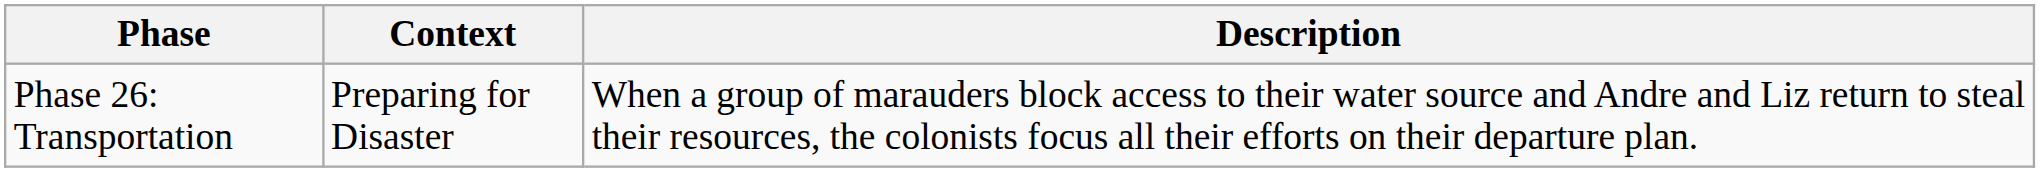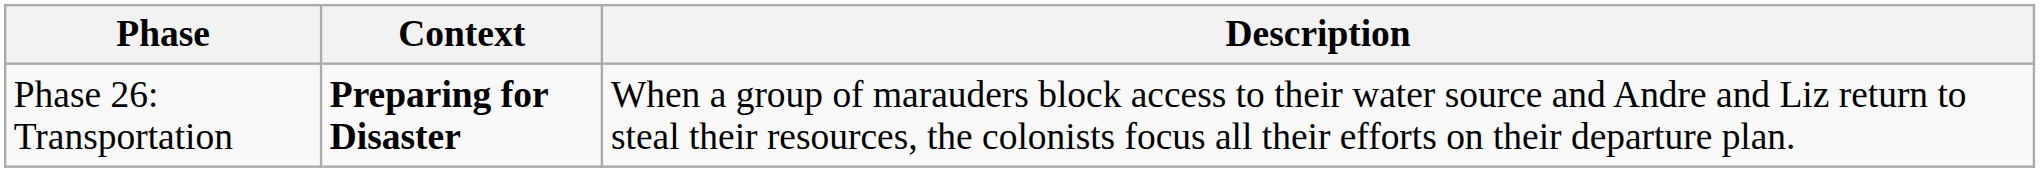 <table class="wikitable" border="1">
 <tr>
 <th>Phase</th>
 <th>Context</th>
 <th>Description</th>
 </tr>
 <tr>
 <td>Phase 26: Transportation</td>
-<td>Preparing for Disaster</td>
+<td><strong>Preparing for Disaster</strong></td>
 <td>When a group of marauders block access to their water source and Andre and Liz return to steal their resources, the colonists focus all their efforts on their departure plan.</td>
 </tr>
 </table>
